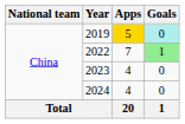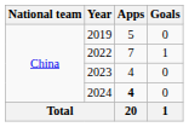 <table class="wikitable" style="text-align:center">
 <tr>
 <th>National team</th>
 <th>Year</th>
 <th>Apps</th>
 <th>Goals</th>
 </tr>
 <tr>
 <td rowspan="4"><a href='#'>China</a></td>
 <td>2019</td>
-<td style="background: gold;">5</td>
-<td style="background: paleturquoise;">0</td>
+<td>5</td>
+<td>0</td>
 </tr>
 <tr>
 <td>2022</td>
 <td>7</td>
-<td style="background: lightgreen;">1</td>
+<td>1</td>
 </tr>
 <tr>
 <td>2023</td>
 <td>4</td>
 <td>0</td>
 </tr>
 <tr>
 <td>2024</td>
-<td>4</td>
+<td><strong>4</strong></td>
 <td>0</td>
 </tr>
 <tr>
 <th colspan="2">Total</th>
 <th>20</th>
 <th>1</th>
 </tr>
 </table>
